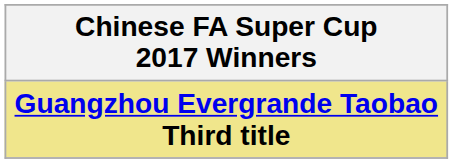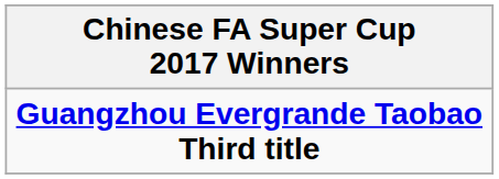 <table class="wikitable" style="text-align: center; margin: 0 auto; width: 20%">
 <tr>
 <th>Chinese FA Super Cup<br>2017 Winners</th>
 </tr>
 <tr>
-<td style="background: khaki;"><strong><a href='#'>Guangzhou Evergrande Taobao</a></strong><br><strong>Third title</strong></td>
+<td><strong><a href='#'>Guangzhou Evergrande Taobao</a></strong><br><strong>Third title</strong></td>
 </tr>
 </table>
